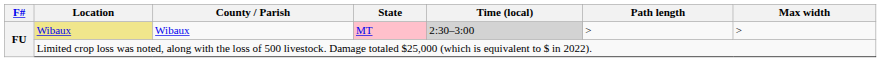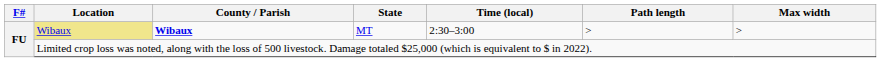 <table class="wikitable sortable" style="width:100%;">
 <tr>
 <th scope="col" align="center"><a href='#'>F#</a><br></th>
 <th scope="col" align="center" class="unsortable">Location</th>
 <th scope="col" align="center" class="unsortable">County / Parish</th>
 <th scope="col" align="center">State</th>
 <th scope="col" align="center">Time (local)</th>
 <th scope="col" align="center">Path length</th>
 <th scope="col" align="center">Max width</th>
 </tr>
 <tr>
 <th scope="row" rowspan="2" style="background-color:#">FU</th>
 <td style="background: khaki;"><a href='#'>Wibaux</a></td>
-<td><a href='#'>Wibaux</a></td>
-<td style="background: pink;"><a href='#'>MT</a></td>
-<td style="background: lightgrey;">2:30–3:00</td>
+<td><strong><a href='#'>Wibaux</a></strong></td>
+<td><a href='#'>MT</a></td>
+<td>2:30–3:00</td>
 <td>></td>
 <td>></td>
 </tr>
 <tr class="expand-child">
 <td colspan="6" style="border-bottom: 1px solid black;">Limited crop loss was noted, along with the loss of 500 livestock. Damage totaled $25,000 (which is equivalent to $ in 2022).</td>
 </tr>
 </table>
